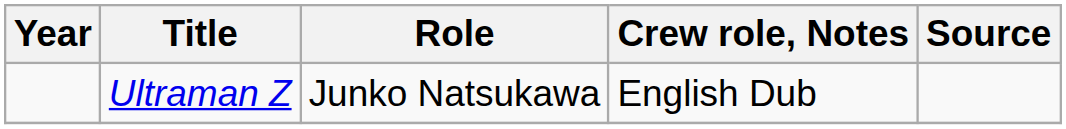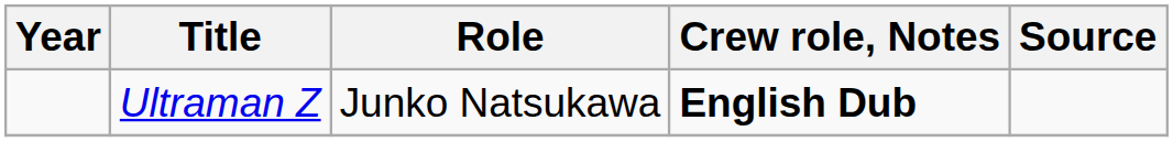 <table class="wikitable sortable plainrowheaders">
 <tr>
 <th>Year</th>
 <th>Title</th>
 <th>Role</th>
 <th class="unsortable">Crew role, Notes </th>
 <th class="unsortable">Source</th>
 </tr>
 <tr>
 <td></td>
 <td><em><a href='#'>Ultraman Z</a></em></td>
 <td>Junko Natsukawa</td>
-<td>English Dub</td>
+<td><strong>English Dub</strong></td>
 <td></td>
 </tr>
 <tr>
 </tr>
 </table>
